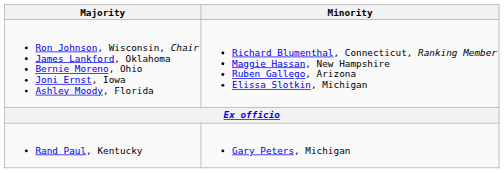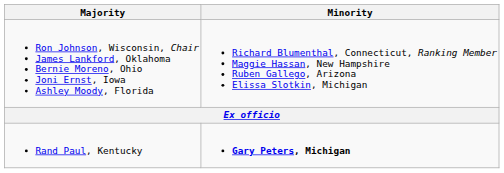 <table class=wikitable>
 <tr>
 <th>Majority</th>
 <th>Minority</th>
 </tr>
 <tr>
 <td><br><ul><li><a href='#'>Ron Johnson</a>, Wisconsin, <em>Chair</em></li><li><a href='#'>James Lankford</a>, Oklahoma</li><li><a href='#'>Bernie Moreno</a>, Ohio</li><li><a href='#'>Joni Ernst</a>, Iowa</li><li><a href='#'>Ashley Moody</a>, Florida</li></ul></td>
 <td><br><ul><li><a href='#'>Richard Blumenthal</a>, Connecticut, <em>Ranking Member</em></li><li><a href='#'>Maggie Hassan</a>, New Hampshire</li><li><a href='#'>Ruben Gallego</a>, Arizona</li><li><a href='#'>Elissa Slotkin</a>, Michigan</li></ul></td>
 </tr>
 <tr>
 <th colspan="2"><em><a href='#'>Ex officio</a></em></th>
 </tr>
 <tr>
 <td><br><ul><li><a href='#'>Rand Paul</a>, Kentucky</li></ul></td>
-<td><br><ul><li><a href='#'>Gary Peters</a>, Michigan</li></ul></td>
+<td><strong><br><ul><li><a href='#'>Gary Peters</a>, Michigan</li></ul></strong></td>
 </tr>
 </table>
